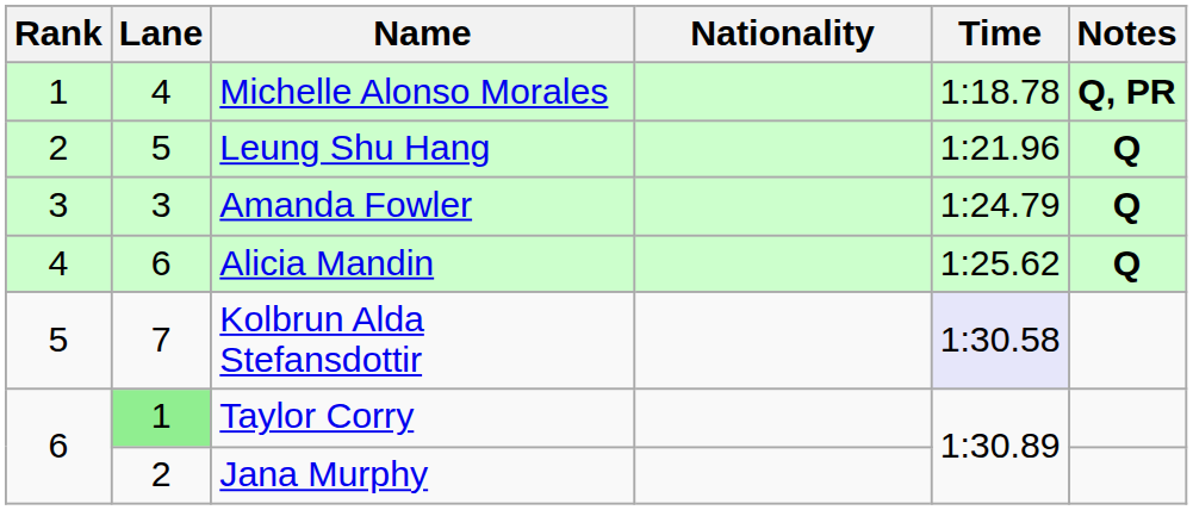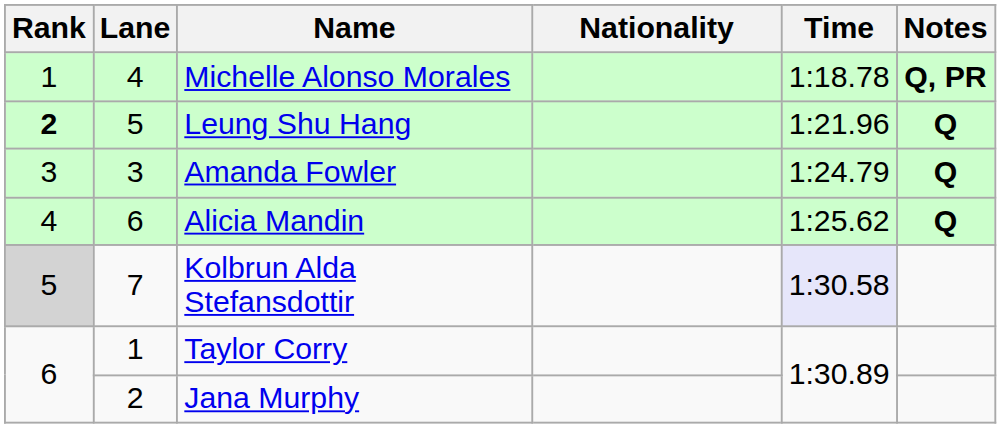 <table class="wikitable sortable" style="text-align:center">
 <tr>
 <th>Rank</th>
 <th>Lane</th>
 <th style="width:180px">Name</th>
 <th style="width:125px">Nationality</th>
 <th>Time</th>
 <th>Notes</th>
 </tr>
 <tr style="background:#cfc;">
 <td>1</td>
 <td>4</td>
 <td style="text-align:left;"><a href='#'>Michelle Alonso Morales</a></td>
 <td style="text-align:left;"></td>
 <td>1:18.78</td>
 <td><strong>Q, PR</strong></td>
 </tr>
 <tr style="background:#cfc;">
-<td>2</td>
+<td><strong>2</strong></td>
 <td>5</td>
 <td style="text-align:left;"><a href='#'>Leung Shu Hang</a></td>
 <td style="text-align:left;"></td>
 <td>1:21.96</td>
 <td><strong>Q</strong></td>
 </tr>
 <tr style="background:#cfc;">
 <td>3</td>
 <td>3</td>
 <td style="text-align:left;"><a href='#'>Amanda Fowler</a></td>
 <td style="text-align:left;"></td>
 <td>1:24.79</td>
 <td><strong>Q</strong></td>
 </tr>
 <tr style="background:#cfc;">
 <td>4</td>
 <td>6</td>
 <td style="text-align:left;"><a href='#'>Alicia Mandin</a></td>
 <td style="text-align:left;"></td>
 <td>1:25.62</td>
 <td><strong>Q</strong></td>
 </tr>
 <tr>
-<td>5</td>
+<td style="background: lightgrey;">5</td>
 <td>7</td>
 <td style="text-align:left;"><a href='#'>Kolbrun Alda Stefansdottir</a></td>
 <td style="text-align:left;"></td>
 <td style="background: lavender;">1:30.58</td>
 <td></td>
 </tr>
 <tr>
 <td rowspan=2>6</td>
-<td style="background: lightgreen;">1</td>
+<td>1</td>
 <td style="text-align:left;"><a href='#'>Taylor Corry</a></td>
 <td style="text-align:left;"></td>
 <td rowspan=2>1:30.89</td>
 <td></td>
 </tr>
 <tr>
 <td>2</td>
 <td style="text-align:left;"><a href='#'>Jana Murphy</a></td>
 <td style="text-align:left;"></td>
 <td></td>
 </tr>
 </table>
